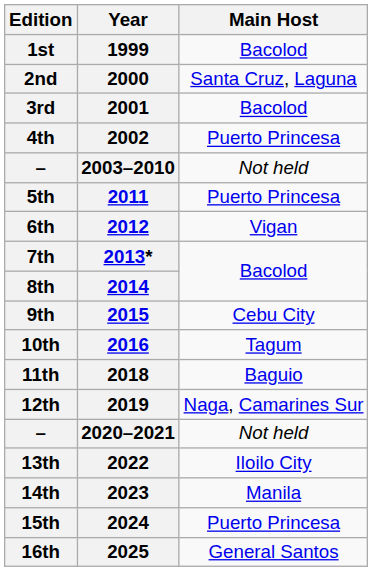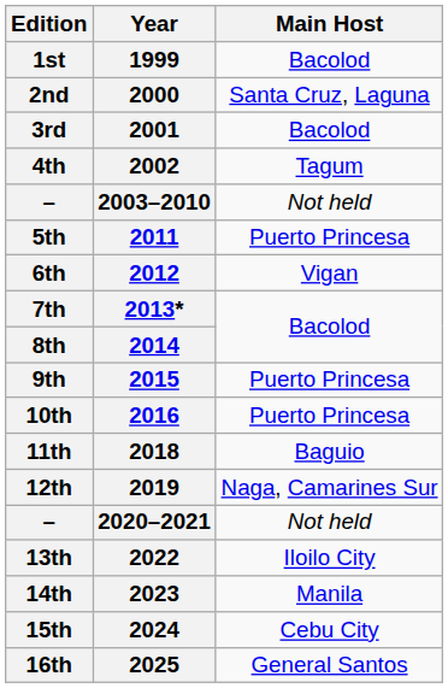 <table class="wikitable" style="text-align:center; font-size:90%;">
 <tr>
 <th>Edition</th>
 <th>Year</th>
 <th>Main Host</th>
 </tr>
 <tr>
 <th>1st</th>
 <th>1999</th>
 <td><a href='#'>Bacolod</a></td>
 </tr>
 <tr>
 <th>2nd</th>
 <th>2000</th>
 <td><a href='#'>Santa Cruz</a>, <a href='#'>Laguna</a></td>
 </tr>
 <tr>
 <th>3rd</th>
 <th>2001</th>
 <td><a href='#'>Bacolod</a></td>
 </tr>
 <tr>
 <th>4th</th>
 <th>2002</th>
-<td><a href='#'>Puerto Princesa</a></td>
+<td><a href='#'>Tagum</a></td>
 </tr>
 <tr>
 <th>–</th>
 <th>2003–2010</th>
 <td><em>Not held</em></td>
 </tr>
 <tr>
 <th>5th</th>
 <th><a href='#'>2011</a></th>
 <td><a href='#'>Puerto Princesa</a></td>
 </tr>
 <tr>
 <th>6th</th>
 <th><a href='#'>2012</a></th>
 <td><a href='#'>Vigan</a></td>
 </tr>
 <tr>
 <th>7th</th>
 <th><a href='#'>2013</a>*</th>
 <td rowspan=2><a href='#'>Bacolod</a></td>
 </tr>
 <tr>
 <th>8th</th>
 <th><a href='#'>2014</a></th>
 </tr>
 <tr>
 <th>9th</th>
 <th><a href='#'>2015</a></th>
-<td><a href='#'>Cebu City</a></td>
+<td><a href='#'>Puerto Princesa</a></td>
 </tr>
 <tr>
 <th>10th</th>
 <th><a href='#'>2016</a></th>
-<td><a href='#'>Tagum</a></td>
+<td><a href='#'>Puerto Princesa</a></td>
 </tr>
 <tr>
 <th>11th</th>
 <th>2018</th>
 <td><a href='#'>Baguio</a></td>
 </tr>
 <tr>
 <th>12th</th>
 <th>2019</th>
 <td><a href='#'>Naga</a>, <a href='#'>Camarines Sur</a></td>
 </tr>
 <tr>
 <th>–</th>
 <th>2020–2021</th>
 <td><em>Not held</em></td>
 </tr>
 <tr>
 <th>13th</th>
 <th>2022</th>
 <td><a href='#'>Iloilo City</a></td>
 </tr>
 <tr>
 <th>14th</th>
 <th>2023</th>
 <td><a href='#'>Manila</a></td>
 </tr>
 <tr>
 <th>15th</th>
 <th>2024</th>
-<td><a href='#'>Puerto Princesa</a></td>
+<td><a href='#'>Cebu City</a></td>
 </tr>
 <tr>
 <th>16th</th>
 <th>2025</th>
 <td><a href='#'>General Santos</a></td>
 </tr>
 </table>
